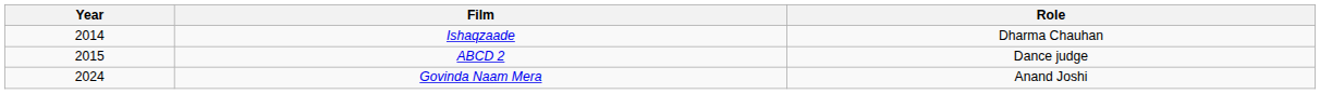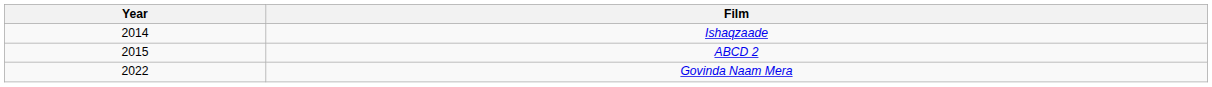 <table class="wikitable" sortable" style="width: 100%; text-align: center;">
 <tr>
 <th>Year</th>
 <th>Film</th>
-<th>Role</th>
 </tr>
 <tr>
 <td>2014</td>
 <td><em><a href='#'>Ishaqzaade</a></em></td>
-<td>Dharma Chauhan</td>
 </tr>
 <tr>
 <td>2015</td>
 <td><em><a href='#'>ABCD 2</a></em></td>
-<td>Dance judge</td>
 </tr>
 <tr>
-<td>2024</td>
+<td>2022</td>
 <td><em><a href='#'>Govinda Naam Mera</a></td>
-<td>Anand Joshi</td>
 </tr>
 </table>
